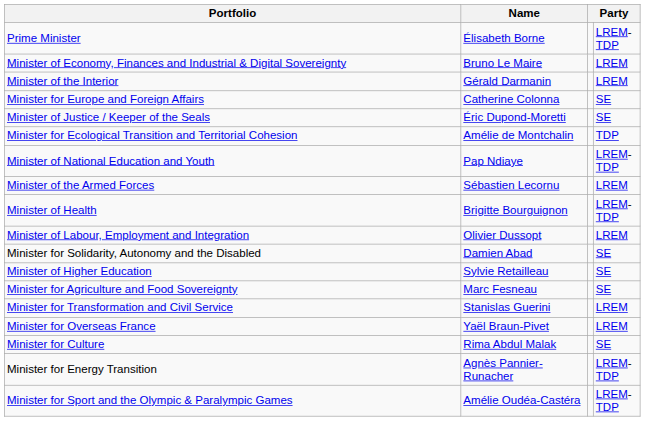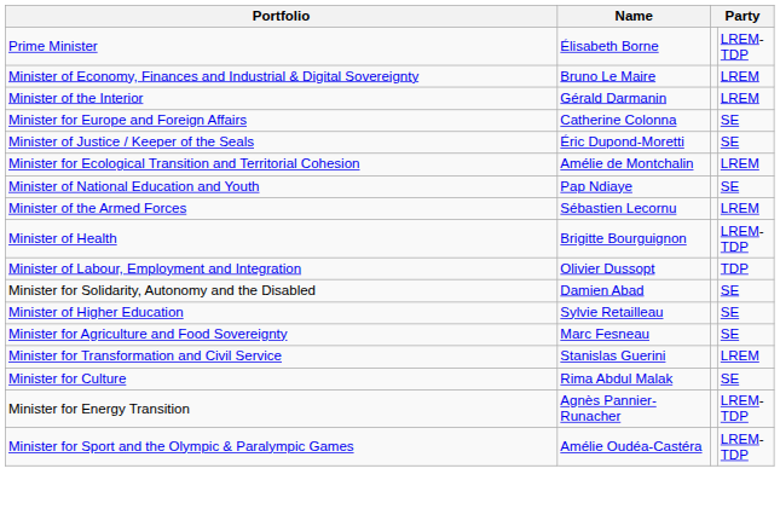 <table class="wikitable" style="width:100%">
 <tr>
 <th>Portfolio</th>
 <th style="width:20%">Name</th>
 <th colspan="2" style="width:8%">Party</th>
 </tr>
 <tr>
 <td><a href='#'>Prime Minister</a></td>
 <td><a href='#'>Élisabeth Borne</a></td>
 <td style="background:"></td>
 <td><a href='#'>LREM</a>-<a href='#'>TDP</a></td>
 </tr>
 <tr>
 <td><a href='#'>Minister of Economy, Finances and Industrial & Digital Sovereignty</a></td>
 <td><a href='#'>Bruno Le Maire</a></td>
 <td style="background:"></td>
 <td><a href='#'>LREM</a></td>
 </tr>
 <tr>
 <td><a href='#'>Minister of the Interior</a></td>
 <td><a href='#'>Gérald Darmanin</a></td>
 <td style="background:"></td>
 <td><a href='#'>LREM</a></td>
 </tr>
 <tr>
 <td><a href='#'>Minister for Europe and Foreign Affairs</a></td>
 <td><a href='#'>Catherine Colonna</a></td>
 <td style="background:"></td>
 <td><a href='#'>SE</a></td>
 </tr>
 <tr>
 <td><a href='#'>Minister of Justice / Keeper of the Seals</a></td>
 <td><a href='#'>Éric Dupond-Moretti</a></td>
 <td style="background:"></td>
 <td><a href='#'>SE</a></td>
 </tr>
 <tr>
 <td><a href='#'>Minister for Ecological Transition and Territorial Cohesion</a></td>
 <td><a href='#'>Amélie de Montchalin</a></td>
 <td style="background:"></td>
-<td><a href='#'>TDP</a></td>
+<td><a href='#'>LREM</a></td>
 </tr>
 <tr>
 <td><a href='#'>Minister of National Education and Youth</a></td>
 <td><a href='#'>Pap Ndiaye</a></td>
 <td style="background:"></td>
-<td><a href='#'>LREM</a>-<a href='#'>TDP</a></td>
+<td><a href='#'>SE</a></td>
 </tr>
 <tr>
 <td><a href='#'>Minister of the Armed Forces</a></td>
 <td><a href='#'>Sébastien Lecornu</a></td>
 <td style="background:"></td>
 <td><a href='#'>LREM</a></td>
 </tr>
 <tr>
 <td><a href='#'>Minister of Health</a></td>
 <td><a href='#'>Brigitte Bourguignon</a></td>
 <td style="background:"></td>
 <td><a href='#'>LREM</a>-<a href='#'>TDP</a></td>
 </tr>
 <tr>
 <td><a href='#'>Minister of Labour, Employment and Integration</a></td>
 <td><a href='#'>Olivier Dussopt</a></td>
 <td style="background:"></td>
-<td><a href='#'>LREM</a></td>
+<td><a href='#'>TDP</a></td>
 </tr>
 <tr>
 <td>Minister for Solidarity, Autonomy and the Disabled</td>
 <td><a href='#'>Damien Abad</a></td>
 <td style="background:"></td>
 <td><a href='#'>SE</a></td>
 </tr>
 <tr>
 <td><a href='#'>Minister of Higher Education</a></td>
 <td><a href='#'>Sylvie Retailleau</a></td>
 <td style="background:"></td>
 <td><a href='#'>SE</a></td>
 </tr>
 <tr>
 <td><a href='#'>Minister for Agriculture and Food Sovereignty</a></td>
 <td><a href='#'>Marc Fesneau</a></td>
 <td style=background:></td>
 <td><a href='#'>SE</a></td>
 </tr>
 <tr>
 <td><a href='#'>Minister for Transformation and Civil Service</a></td>
 <td><a href='#'>Stanislas Guerini</a></td>
 <td style="background:"></td>
 <td><a href='#'>LREM</a></td>
 </tr>
 <tr>
-<td><a href='#'>Minister for Overseas France</a></td>
-<td><a href='#'>Yaël Braun-Pivet</a></td>
-<td style="background:"></td>
-<td><a href='#'>LREM</a></td>
-</tr>
-<tr>
 <td><a href='#'>Minister for Culture</a></td>
 <td><a href='#'>Rima Abdul Malak</a></td>
 <td style="background:"></td>
 <td><a href='#'>SE</a></td>
 </tr>
 <tr>
 <td>Minister for Energy Transition</td>
 <td><a href='#'>Agnès Pannier-Runacher</a></td>
 <td style="background:"></td>
 <td><a href='#'>LREM</a>-<a href='#'>TDP</a></td>
 </tr>
 <tr>
 <td><a href='#'>Minister for Sport and the Olympic & Paralympic Games</a></td>
 <td><a href='#'>Amélie Oudéa-Castéra</a></td>
 <td style="background:"></td>
 <td><a href='#'>LREM</a>-<a href='#'>TDP</a></td>
 </tr>
 </table>
